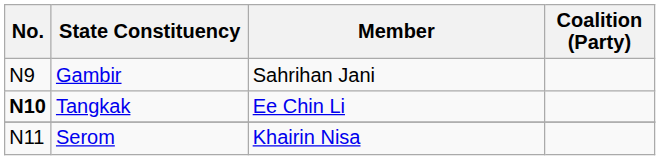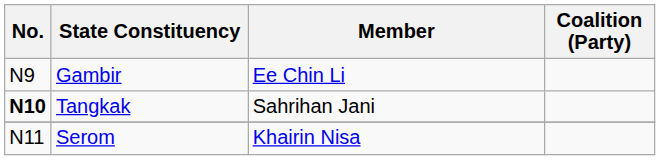 <table class="wikitable sortable">
 <tr>
 <th width="30">No.</th>
 <th width="150">State Constituency</th>
 <th width="230">Member</th>
 <th width="80">Coalition (Party)</th>
 </tr>
 <tr>
 <td>N9</td>
 <td><a href='#'>Gambir</a></td>
-<td>Sahrihan Jani</td>
+<td><a href='#'>Ee Chin Li</a></td>
 <td></td>
 </tr>
 <tr>
 <td><strong>N10</strong></td>
 <td><a href='#'>Tangkak</a></td>
-<td><a href='#'>Ee Chin Li</a></td>
+<td>Sahrihan Jani</td>
 <td></td>
 </tr>
 <tr>
 </tr>
 <tr>
 <td>N11</td>
 <td><a href='#'>Serom</a></td>
 <td><a href='#'>Khairin Nisa</a></td>
 <td></td>
 </tr>
 </table>
